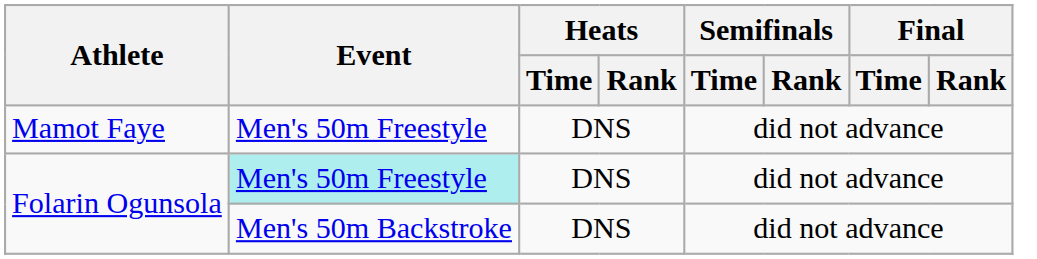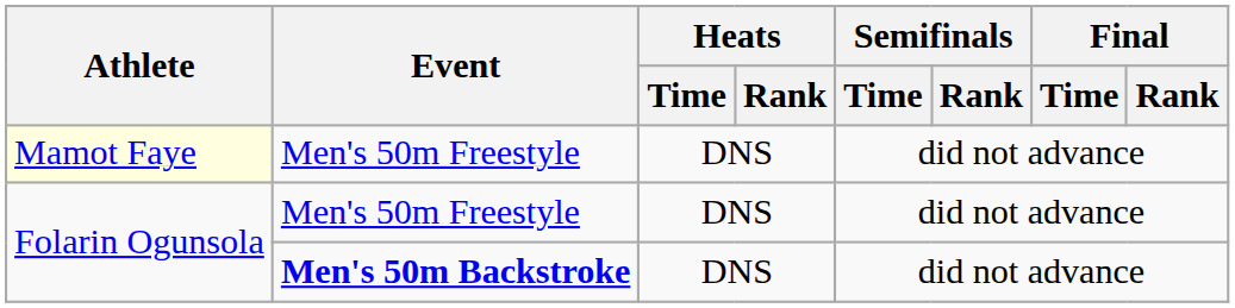 <table class=wikitable style="font-size:90%">
 <tr>
 <th rowspan="2">Athlete</th>
 <th rowspan="2">Event</th>
 <th colspan="2">Heats</th>
 <th colspan="2">Semifinals</th>
 <th colspan="2">Final</th>
 </tr>
 <tr>
 <th>Time</th>
 <th>Rank</th>
 <th>Time</th>
 <th>Rank</th>
 <th>Time</th>
 <th>Rank</th>
 </tr>
 <tr>
-<td rowspan="1"><a href='#'>Mamot Faye</a></td>
+<td rowspan="1" style="background: lightyellow;"><a href='#'>Mamot Faye</a></td>
 <td><a href='#'>Men's 50m Freestyle</a></td>
 <td align=center colspan=2>DNS</td>
 <td align=center colspan=4>did not advance</td>
 </tr>
 <tr>
 <td rowspan="2"><a href='#'>Folarin Ogunsola</a></td>
-<td style="background: paleturquoise;"><a href='#'>Men's 50m Freestyle</a></td>
+<td><a href='#'>Men's 50m Freestyle</a></td>
 <td align=center colspan=2>DNS</td>
 <td align=center colspan=4>did not advance</td>
 </tr>
 <tr>
-<td><a href='#'>Men's 50m Backstroke</a></td>
+<td><strong><a href='#'>Men's 50m Backstroke</a></strong></td>
 <td align=center colspan=2>DNS</td>
 <td align=center colspan=4>did not advance</td>
 </tr>
 </table>
